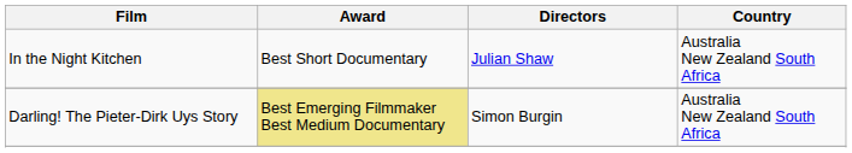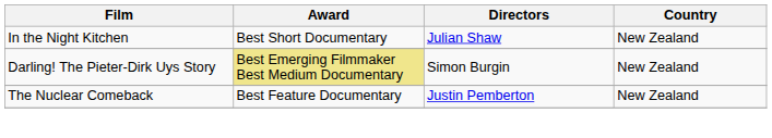 <table class="wikitable" style="width:100%;">
 <tr>
 <th width="30%">Film</th>
 <th width="25%">Award</th>
 <th width="25%">Directors</th>
 <th width="20%">Country</th>
 </tr>
 <tr>
 <td>In the Night Kitchen</td>
 <td>Best Short Documentary</td>
 <td><a href='#'>Julian Shaw</a></td>
-<td>Australia<br>New Zealand  <a href='#'>South Africa</a></td>
+<td> New Zealand</td>
 </tr>
 <tr>
 </tr>
 <tr>
 <td>Darling! The Pieter-Dirk Uys Story</td>
 <td style="background: khaki;">Best Emerging Filmmaker<br>Best Medium Documentary</td>
 <td>Simon Burgin</td>
-<td>Australia<br>New Zealand  <a href='#'>South Africa</a></td>
+<td> New Zealand</td>
 </tr>
 <tr>
 </tr>
 <tr>
+<td>The Nuclear Comeback</td>
+<td>Best Feature Documentary</td>
+<td><a href='#'>Justin Pemberton</a></td>
+<td> New Zealand</td>
+</tr>
+<tr>
 </tr>
 </table>
